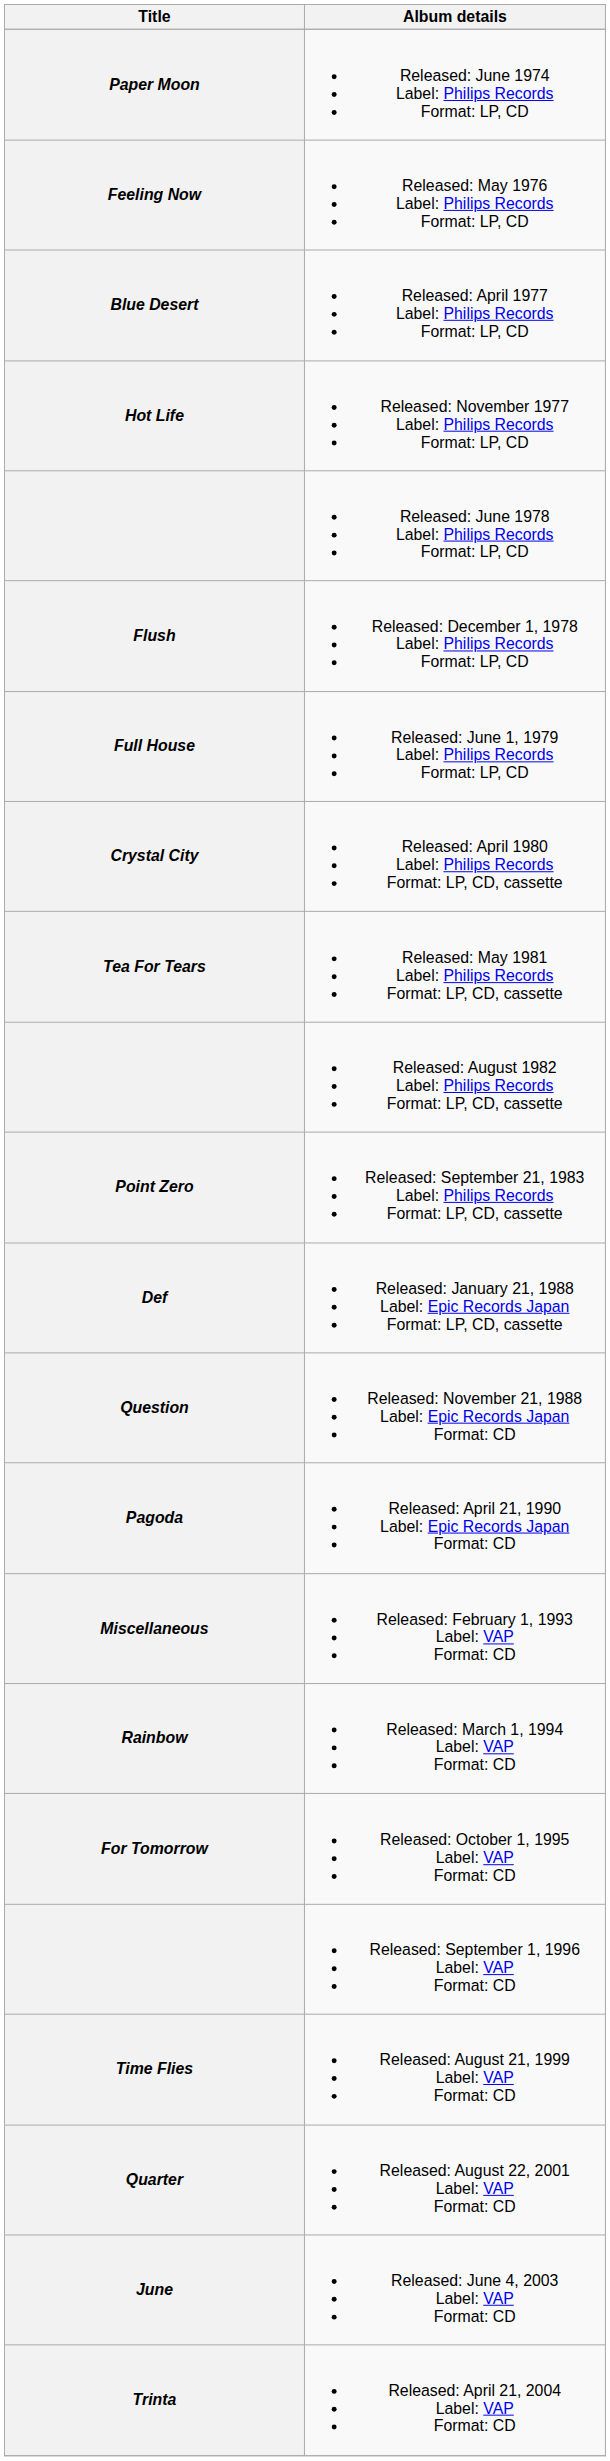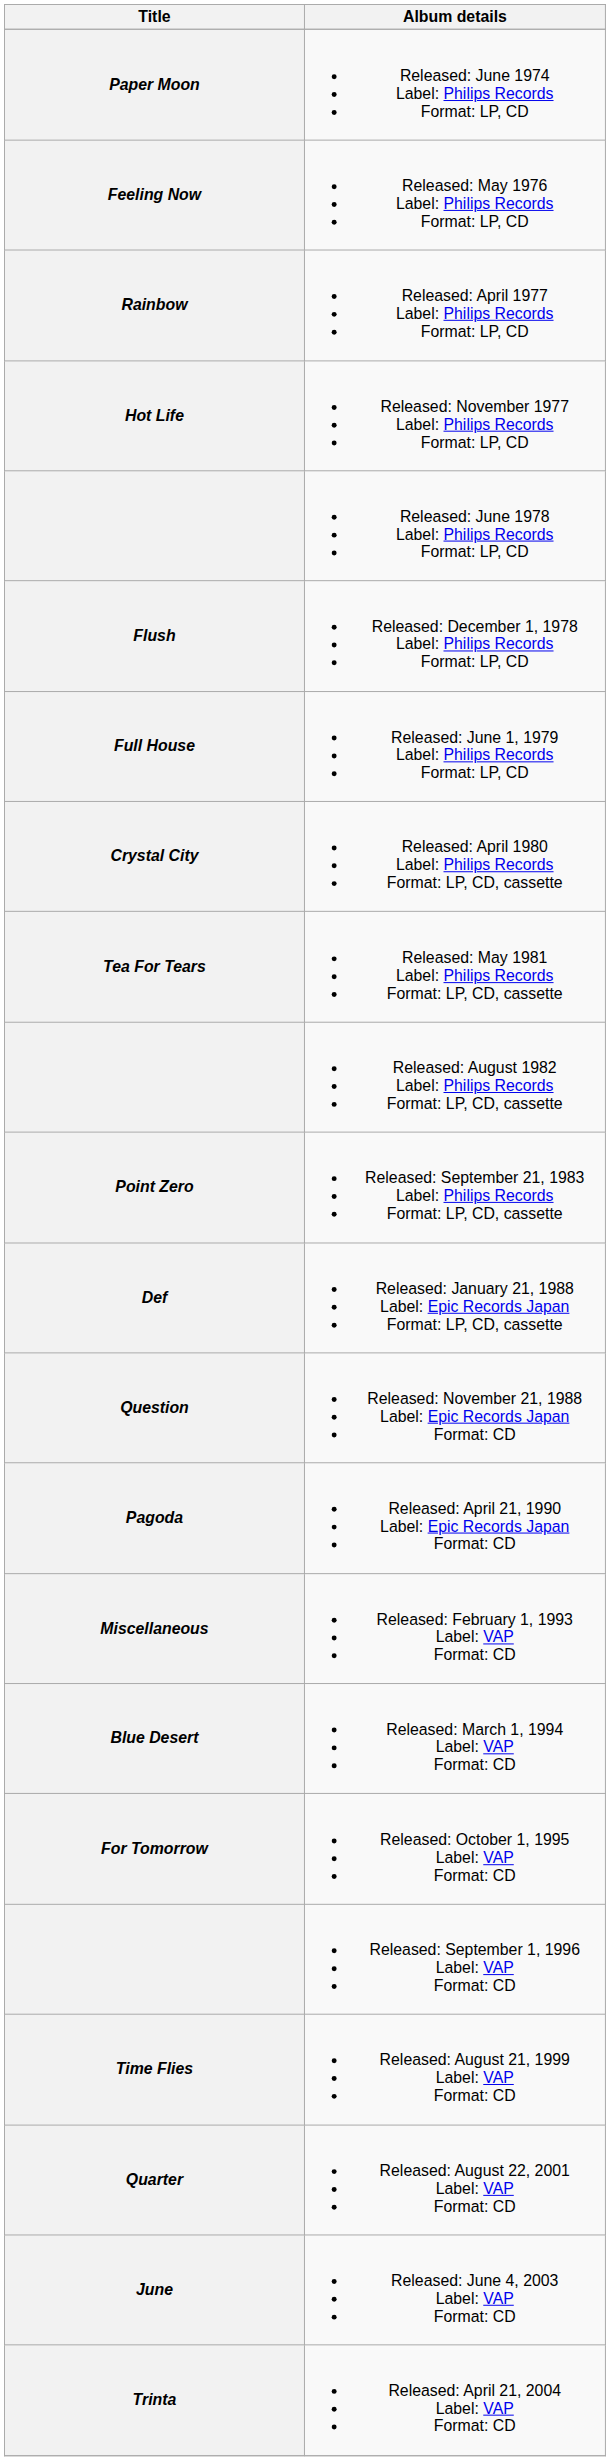 <table class="wikitable plainrowheaders" style="text-align:center;">
 <tr>
 <th scope="col" rowspan="1" style="width:20em;">Title</th>
 <th scope="col" rowspan="1" style="width:20em;">Album details</th>
 </tr>
 <tr>
 </tr>
 <tr>
 <th scope=row><em>Paper Moon</em></th>
 <td><br><ul><li>Released: June 1974</li><li>Label: <a href='#'>Philips Records</a></li><li>Format: LP, CD</li></ul></td>
 </tr>
 <tr>
 <th scope=row><em>Feeling Now</em></th>
 <td><br><ul><li>Released: May 1976</li><li>Label: <a href='#'>Philips Records</a></li><li>Format: LP, CD</li></ul></td>
 </tr>
 <tr>
-<th scope=row><em>Blue Desert</em></th>
+<th scope=row><em>Rainbow</em></th>
 <td><br><ul><li>Released: April 1977</li><li>Label: <a href='#'>Philips Records</a></li><li>Format: LP, CD</li></ul></td>
 </tr>
 <tr>
 <th scope=row><em>Hot Life</em></th>
 <td><br><ul><li>Released: November 1977</li><li>Label: <a href='#'>Philips Records</a></li><li>Format: LP, CD</li></ul></td>
 </tr>
 <tr>
 <th scope=row></th>
 <td><br><ul><li>Released: June 1978</li><li>Label: <a href='#'>Philips Records</a></li><li>Format: LP, CD</li></ul></td>
 </tr>
 <tr>
 <th scope=row><em>Flush</em></th>
 <td><br><ul><li>Released: December 1, 1978</li><li>Label: <a href='#'>Philips Records</a></li><li>Format: LP, CD</li></ul></td>
 </tr>
 <tr>
 <th scope=row><em>Full House</em></th>
 <td><br><ul><li>Released: June 1, 1979</li><li>Label: <a href='#'>Philips Records</a></li><li>Format: LP, CD</li></ul></td>
 </tr>
 <tr>
 <th scope=row><em>Crystal City</em></th>
 <td><br><ul><li>Released: April 1980</li><li>Label: <a href='#'>Philips Records</a></li><li>Format: LP, CD, cassette</li></ul></td>
 </tr>
 <tr>
 <th scope=row><em>Tea For Tears</em></th>
 <td><br><ul><li>Released: May 1981</li><li>Label: <a href='#'>Philips Records</a></li><li>Format: LP, CD, cassette</li></ul></td>
 </tr>
 <tr>
 <th scope=row></th>
 <td><br><ul><li>Released: August 1982</li><li>Label: <a href='#'>Philips Records</a></li><li>Format: LP, CD, cassette</li></ul></td>
 </tr>
 <tr>
 <th scope=row><em>Point Zero</em></th>
 <td><br><ul><li>Released: September 21, 1983</li><li>Label: <a href='#'>Philips Records</a></li><li>Format: LP, CD, cassette</li></ul></td>
 </tr>
 <tr>
 <th scope=row><em>Def</em></th>
 <td><br><ul><li>Released: January 21, 1988</li><li>Label: <a href='#'>Epic Records Japan</a></li><li>Format: LP, CD, cassette</li></ul></td>
 </tr>
 <tr>
 <th scope=row><em>Question</em></th>
 <td><br><ul><li>Released: November 21, 1988</li><li>Label: <a href='#'>Epic Records Japan</a></li><li>Format: CD</li></ul></td>
 </tr>
 <tr>
 <th scope=row><em>Pagoda</em></th>
 <td><br><ul><li>Released: April 21, 1990</li><li>Label: <a href='#'>Epic Records Japan</a></li><li>Format: CD</li></ul></td>
 </tr>
 <tr>
 <th scope=row><em>Miscellaneous</em></th>
 <td><br><ul><li>Released: February 1, 1993</li><li>Label: <a href='#'>VAP</a></li><li>Format: CD</li></ul></td>
 </tr>
 <tr>
-<th scope=row><em>Rainbow</em></th>
+<th scope=row><em>Blue Desert</em></th>
 <td><br><ul><li>Released: March 1, 1994</li><li>Label: <a href='#'>VAP</a></li><li>Format: CD</li></ul></td>
 </tr>
 <tr>
 <th scope=row><em>For Tomorrow</em></th>
 <td><br><ul><li>Released: October 1, 1995</li><li>Label: <a href='#'>VAP</a></li><li>Format: CD</li></ul></td>
 </tr>
 <tr>
 <th scope=row></th>
 <td><br><ul><li>Released: September 1, 1996</li><li>Label: <a href='#'>VAP</a></li><li>Format: CD</li></ul></td>
 </tr>
 <tr>
 <th scope=row><em>Time Flies</em></th>
 <td><br><ul><li>Released: August 21, 1999</li><li>Label: <a href='#'>VAP</a></li><li>Format: CD</li></ul></td>
 </tr>
 <tr>
 <th scope=row><em>Quarter</em></th>
 <td><br><ul><li>Released: August 22, 2001</li><li>Label: <a href='#'>VAP</a></li><li>Format: CD</li></ul></td>
 </tr>
 <tr>
 <th scope=row><em>June</em></th>
 <td><br><ul><li>Released: June 4, 2003</li><li>Label: <a href='#'>VAP</a></li><li>Format: CD</li></ul></td>
 </tr>
 <tr>
 <th scope=row><em>Trinta</em></th>
 <td><br><ul><li>Released: April 21, 2004</li><li>Label: <a href='#'>VAP</a></li><li>Format: CD</li></ul></td>
 </tr>
 <tr>
 </tr>
 </table>
